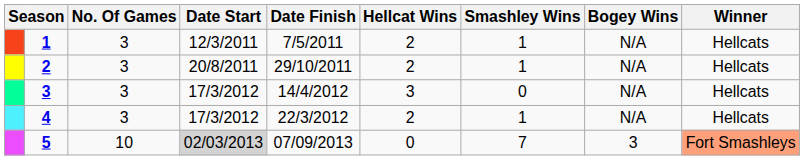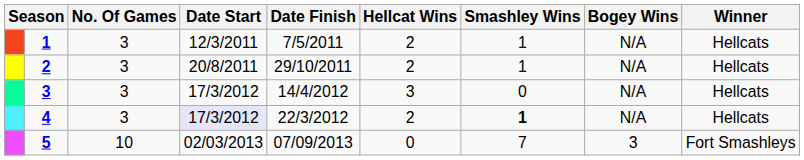 <table class="wikitable" style="text-align: center;">
 <tr>
 <th colspan="2">Season</th>
 <th>No. Of Games</th>
 <th>Date Start</th>
 <th>Date Finish</th>
 <th>Hellcat Wins</th>
 <th>Smashley Wins</th>
 <th>Bogey Wins</th>
 <th>Winner</th>
 </tr>
 <tr>
 <td bgcolor="#f6431a"></td>
 <td><strong><a href='#'>1</a></strong></td>
 <td>3</td>
 <td>12/3/2011</td>
 <td>7/5/2011</td>
 <td>2</td>
 <td>1</td>
 <td>N/A</td>
 <td>Hellcats</td>
 </tr>
 <tr>
 <td bgcolor="#FFFF00"></td>
 <td><strong><a href='#'>2</a></strong></td>
 <td>3</td>
 <td>20/8/2011</td>
 <td>29/10/2011</td>
 <td>2</td>
 <td>1</td>
 <td>N/A</td>
 <td>Hellcats</td>
 </tr>
 <tr>
 <td bgcolor="#00FF99"></td>
 <td><strong><a href='#'>3</a></strong></td>
 <td>3</td>
 <td>17/3/2012</td>
 <td>14/4/2012</td>
 <td>3</td>
 <td>0</td>
 <td>N/A</td>
 <td>Hellcats</td>
 </tr>
 <tr>
 <td bgcolor="#4df0ff"></td>
 <td><strong><a href='#'>4</a></strong></td>
 <td>3</td>
-<td>17/3/2012</td>
+<td style="background: lavender;">17/3/2012</td>
 <td>22/3/2012</td>
 <td>2</td>
-<td>1</td>
+<td><strong>1</strong></td>
 <td>N/A</td>
 <td>Hellcats</td>
 </tr>
 <tr>
 <td bgcolor="#ec4dff"></td>
 <td><strong><a href='#'>5</a></strong></td>
 <td>10</td>
-<td style="background: lightgrey;">02/03/2013</td>
+<td>02/03/2013</td>
 <td>07/09/2013</td>
 <td>0</td>
 <td>7</td>
 <td>3</td>
-<td style="background: lightsalmon;">Fort Smashleys</td>
+<td>Fort Smashleys</td>
 </tr>
 </table>
